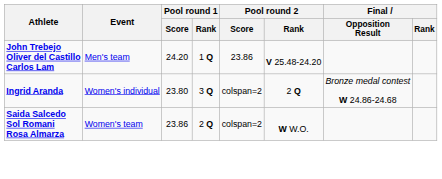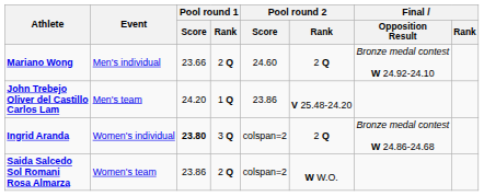 <table class=wikitable style=font-size:90%;text-align:center>
 <tr>
 <th rowspan=2>Athlete</th>
 <th rowspan=2>Event</th>
 <th colspan=2>Pool round 1</th>
 <th colspan=2>Pool round 2</th>
 <th colspan=2>Final / </th>
 </tr>
 <tr style=font-size:95%>
 <th>Score</th>
 <th>Rank</th>
 <th>Score</th>
 <th>Rank</th>
 <th>Opposition<br>Result</th>
 <th>Rank</th>
 </tr>
 <tr>
+<td align=left><strong><a href='#'>Mariano Wong</a></strong></td>
+<td align=left><a href='#'>Men's individual</a></td>
+<td>23.66</td>
+<td>2 <strong>Q</strong></td>
+<td>24.60</td>
+<td>2 <strong>Q</strong></td>
+<td><em>Bronze medal contest</em><br><br><strong>W</strong> 24.92-24.10</td>
+<td></td>
+</tr>
+<tr>
 <td align=left><strong><a href='#'>John Trebejo</a><br><a href='#'>Oliver del Castillo</a><br><a href='#'>Carlos Lam</a></strong></td>
 <td align=left><a href='#'>Men's team</a></td>
 <td>24.20</td>
 <td>1 <strong>Q</strong></td>
 <td>23.86</td>
 <td><br><strong>V</strong> 25.48-24.20</td>
 <td></td>
 </tr>
 <tr>
 <td align=left><strong><a href='#'>Ingrid Aranda</a></strong></td>
 <td align=left><a href='#'>Women's individual</a></td>
-<td>23.80</td>
+<td><strong>23.80</strong></td>
 <td>3 <strong>Q</strong></td>
 <td>colspan=2 </td>
 <td>2 <strong>Q</strong></td>
 <td><em>Bronze medal contest</em><br><br><strong>W</strong> 24.86-24.68</td>
 <td></td>
 </tr>
 <tr>
 <td align=left><strong><a href='#'>Saida Salcedo</a><br><a href='#'>Sol Romani</a><br><a href='#'>Rosa Almarza</a></strong></td>
 <td align=left><a href='#'>Women's team</a></td>
 <td>23.86</td>
 <td>2 <strong>Q</strong></td>
 <td>colspan=2 </td>
 <td><br><strong>W</strong> W.O.</td>
 <td></td>
 </tr>
 </table>
